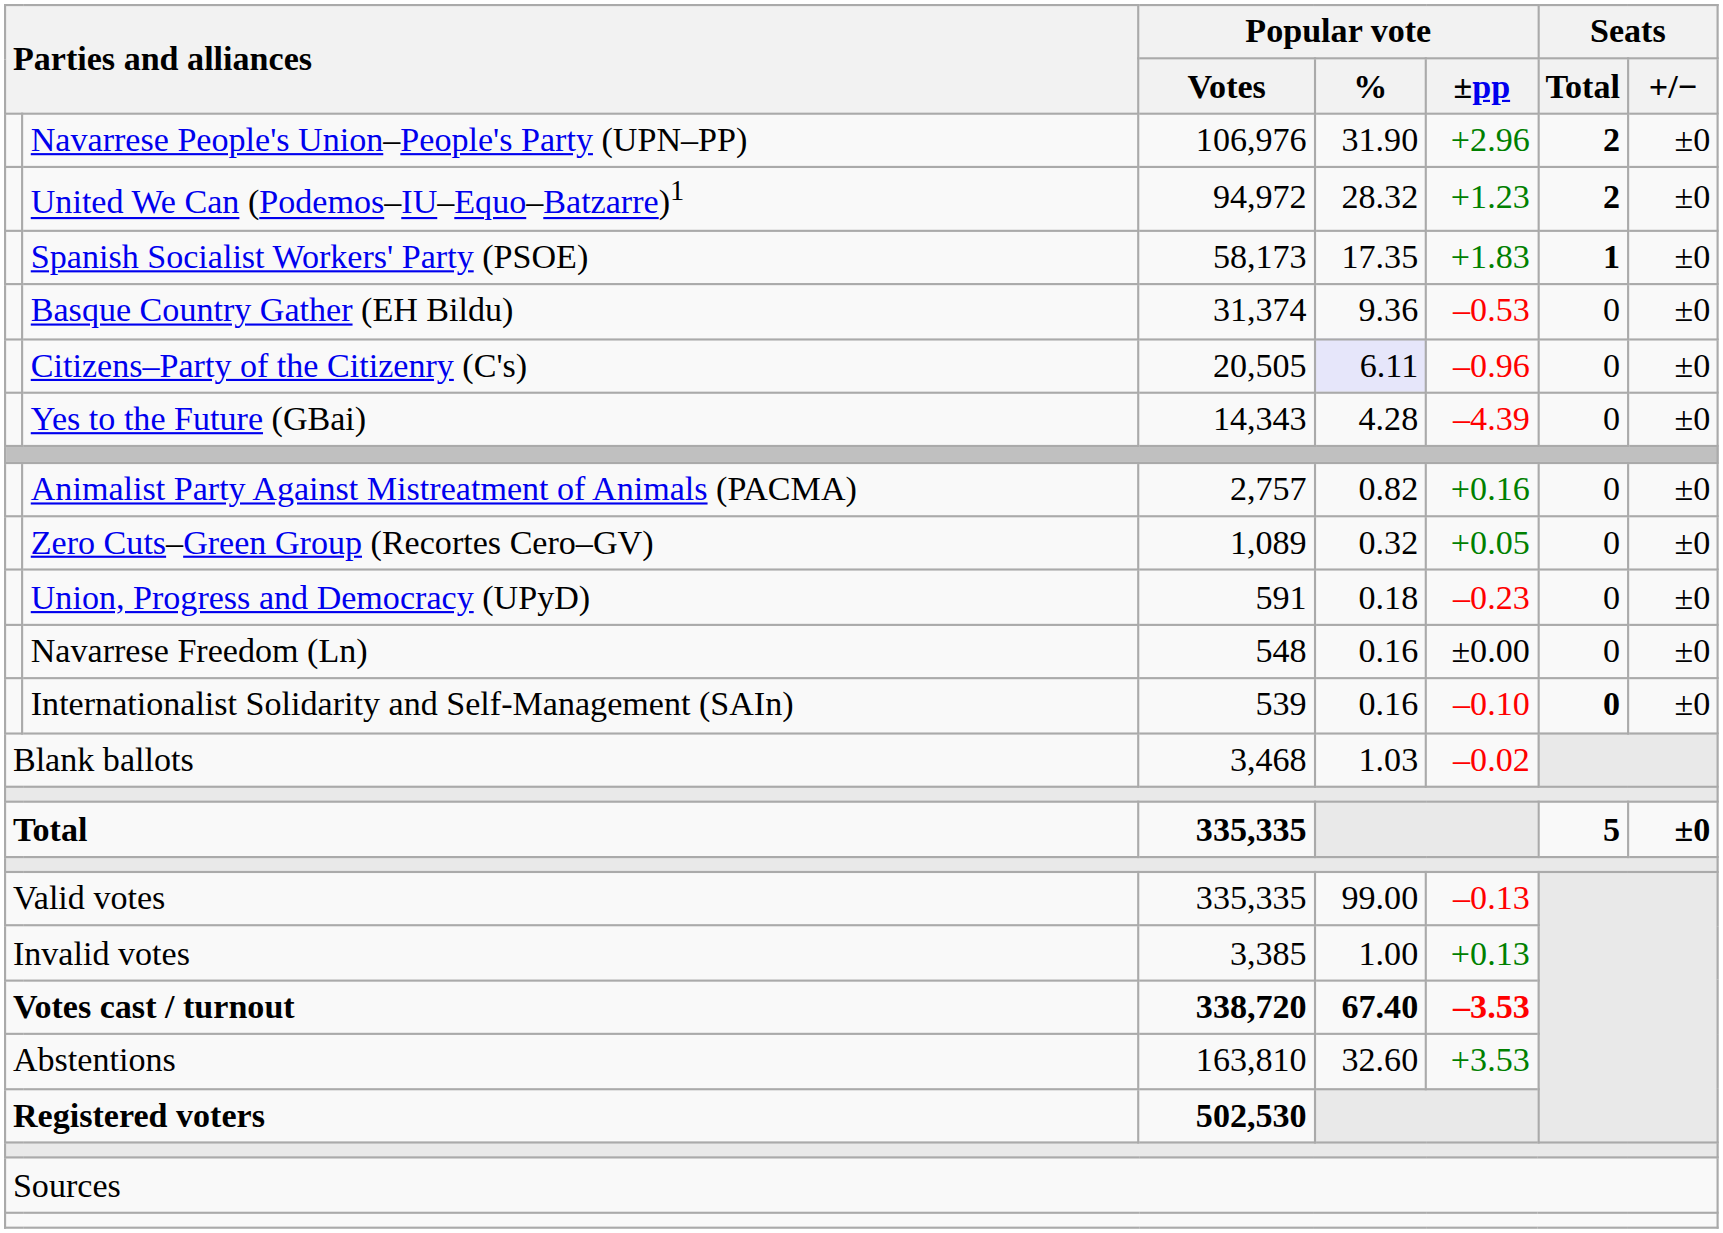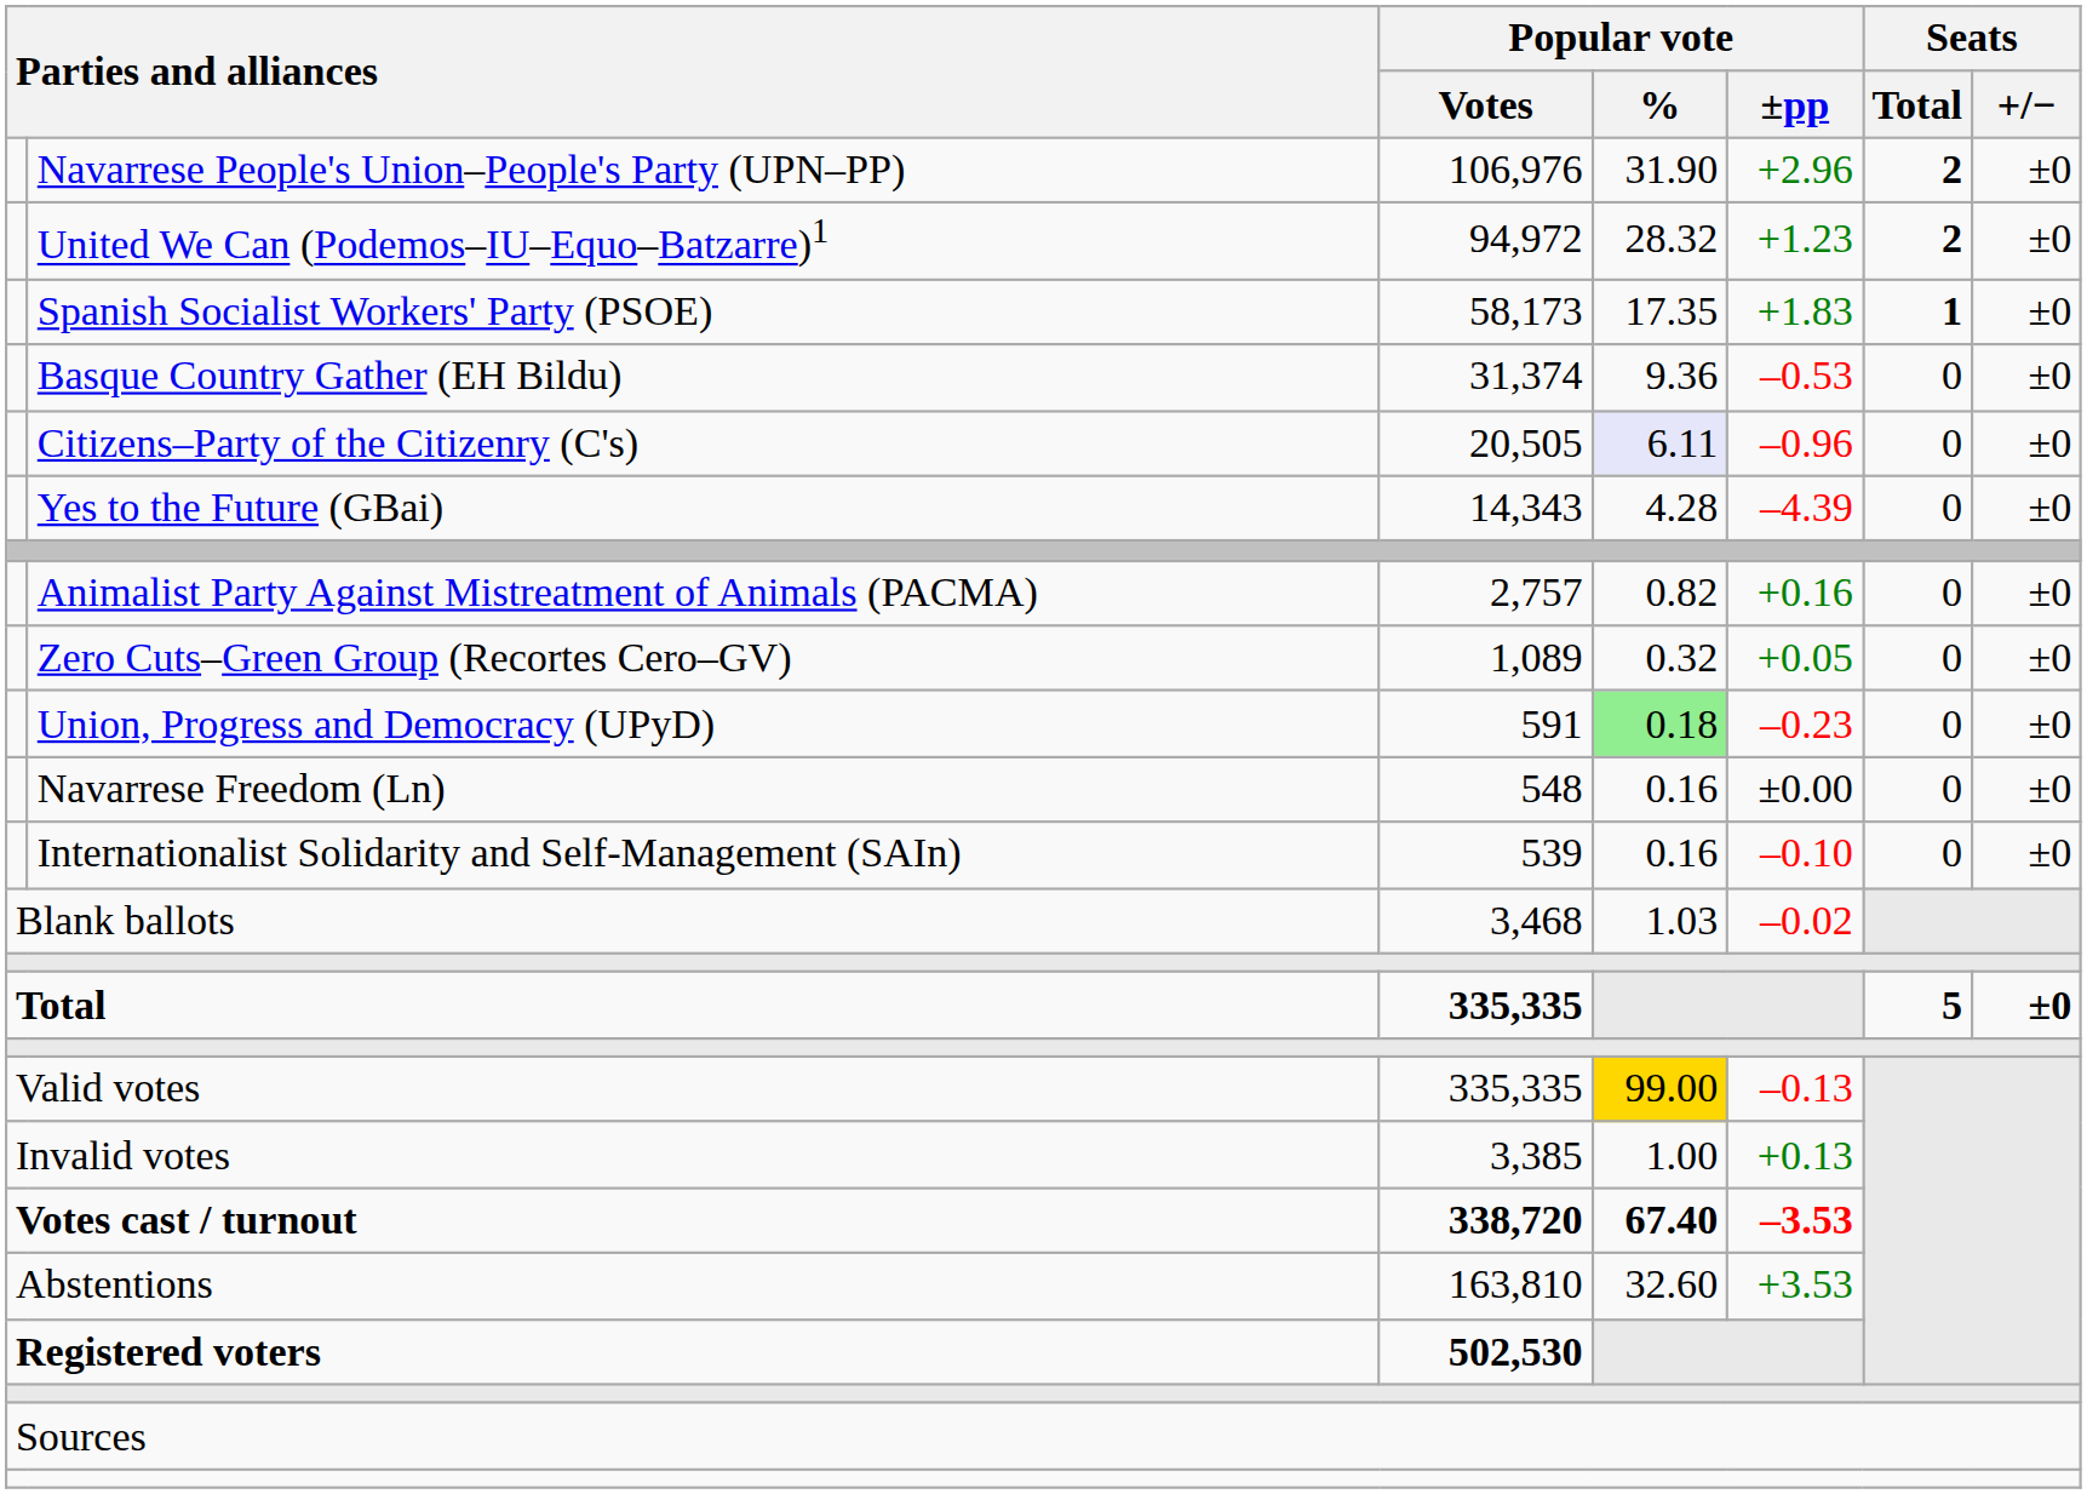 <table class="wikitable" style="text-align:right;">
 <tr>
 <th style="text-align:left;" rowspan="2" colspan="2" width="525">Parties and alliances</th>
 <th colspan="3">Popular vote</th>
 <th colspan="2">Seats</th>
 </tr>
 <tr>
 <th width="75">Votes</th>
 <th width="45">%</th>
 <th width="45">±<a href='#'>pp</a></th>
 <th width="35">Total</th>
 <th width="35">+/−</th>
 </tr>
 <tr>
 <td width="1" style="color:inherit;background:"></td>
 <td align="left"><a href='#'>Navarrese People's Union</a>–<a href='#'>People's Party</a> (UPN–PP)</td>
 <td>106,976</td>
 <td>31.90</td>
 <td style="color:green;">+2.96</td>
 <td><strong>2</strong></td>
 <td>±0</td>
 </tr>
 <tr>
 <td style="color:inherit;background:"></td>
 <td align="left"><a href='#'>United We Can</a> (<a href='#'>Podemos</a>–<a href='#'>IU</a>–<a href='#'>Equo</a>–<a href='#'>Batzarre</a>)<sup>1</sup></td>
 <td>94,972</td>
 <td>28.32</td>
 <td style="color:green;">+1.23</td>
 <td><strong>2</strong></td>
 <td>±0</td>
 </tr>
 <tr>
 <td style="color:inherit;background:"></td>
 <td align="left"><a href='#'>Spanish Socialist Workers' Party</a> (PSOE)</td>
 <td>58,173</td>
 <td>17.35</td>
 <td style="color:green;">+1.83</td>
 <td><strong>1</strong></td>
 <td>±0</td>
 </tr>
 <tr>
 <td style="color:inherit;background:"></td>
 <td align="left"><a href='#'>Basque Country Gather</a> (EH Bildu)</td>
 <td>31,374</td>
 <td>9.36</td>
 <td style="color:red;">–0.53</td>
 <td>0</td>
 <td>±0</td>
 </tr>
 <tr>
 <td style="color:inherit;background:"></td>
 <td align="left"><a href='#'>Citizens–Party of the Citizenry</a> (C's)</td>
 <td>20,505</td>
 <td style="background: lavender;">6.11</td>
 <td style="color:red;">–0.96</td>
 <td>0</td>
 <td>±0</td>
 </tr>
 <tr>
 <td style="color:inherit;background:"></td>
 <td align="left"><a href='#'>Yes to the Future</a> (GBai)</td>
 <td>14,343</td>
 <td>4.28</td>
 <td style="color:red;">–4.39</td>
 <td>0</td>
 <td>±0</td>
 </tr>
 <tr>
 <td colspan="7" bgcolor="#C0C0C0"></td>
 </tr>
 <tr>
 <td style="color:inherit;background:"></td>
 <td align="left"><a href='#'>Animalist Party Against Mistreatment of Animals</a> (PACMA)</td>
 <td>2,757</td>
 <td>0.82</td>
 <td style="color:green;">+0.16</td>
 <td>0</td>
 <td>±0</td>
 </tr>
 <tr>
 <td style="color:inherit;background:"></td>
 <td align="left"><a href='#'>Zero Cuts</a>–<a href='#'>Green Group</a> (Recortes Cero–GV)</td>
 <td>1,089</td>
 <td>0.32</td>
 <td style="color:green;">+0.05</td>
 <td>0</td>
 <td>±0</td>
 </tr>
 <tr>
 <td style="color:inherit;background:"></td>
 <td align="left"><a href='#'>Union, Progress and Democracy</a> (UPyD)</td>
 <td>591</td>
-<td>0.18</td>
+<td style="background: lightgreen;">0.18</td>
 <td style="color:red;">–0.23</td>
 <td>0</td>
 <td>±0</td>
 </tr>
 <tr>
 <td style="color:inherit;background:"></td>
 <td align="left">Navarrese Freedom (Ln)</td>
 <td>548</td>
 <td>0.16</td>
 <td>±0.00</td>
 <td>0</td>
 <td>±0</td>
 </tr>
 <tr>
 <td style="color:inherit;background:"></td>
 <td align="left">Internationalist Solidarity and Self-Management (SAIn)</td>
 <td>539</td>
 <td>0.16</td>
 <td style="color:red;">–0.10</td>
-<td><strong>0</strong></td>
+<td>0</td>
 <td>±0</td>
 </tr>
 <tr>
 <td align="left" colspan="2">Blank ballots</td>
 <td>3,468</td>
 <td>1.03</td>
 <td style="color:red;">–0.02</td>
 <td bgcolor="#E9E9E9" colspan="2"></td>
 </tr>
 <tr>
 <td colspan="7" bgcolor="#E9E9E9"></td>
 </tr>
 <tr style="font-weight:bold;">
 <td align="left" colspan="2">Total</td>
 <td>335,335</td>
 <td bgcolor="#E9E9E9" colspan="2"></td>
 <td>5</td>
 <td>±0</td>
 </tr>
 <tr>
 <td colspan="7" bgcolor="#E9E9E9"></td>
 </tr>
 <tr>
 <td align="left" colspan="2">Valid votes</td>
 <td>335,335</td>
-<td>99.00</td>
+<td style="background: gold;">99.00</td>
 <td style="color:red;">–0.13</td>
 <td bgcolor="#E9E9E9" colspan="2" rowspan="5"></td>
 </tr>
 <tr>
 <td align="left" colspan="2">Invalid votes</td>
 <td>3,385</td>
 <td>1.00</td>
 <td style="color:green;">+0.13</td>
 </tr>
 <tr style="font-weight:bold;">
 <td align="left" colspan="2">Votes cast / turnout</td>
 <td>338,720</td>
 <td>67.40</td>
 <td style="color:red;">–3.53</td>
 </tr>
 <tr>
 <td align="left" colspan="2">Abstentions</td>
 <td>163,810</td>
 <td>32.60</td>
 <td style="color:green;">+3.53</td>
 </tr>
 <tr style="font-weight:bold;">
 <td align="left" colspan="2">Registered voters</td>
 <td>502,530</td>
 <td bgcolor="#E9E9E9" colspan="2"></td>
 </tr>
 <tr>
 <td colspan="7" bgcolor="#E9E9E9"></td>
 </tr>
 <tr>
 <td align="left" colspan="7">Sources</td>
 </tr>
 <tr>
 <td colspan="7" style="text-align:left; max-width:790px;"></td>
 </tr>
 </table>
